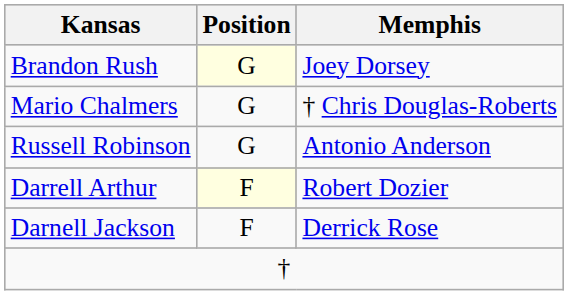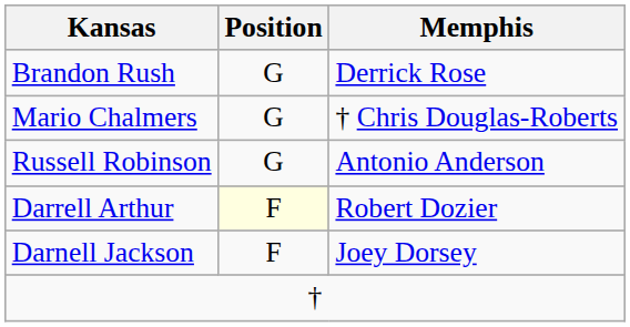 <table class="wikitable">
 <tr>
 <th>Kansas</th>
 <th>Position</th>
 <th>Memphis</th>
 </tr>
 <tr>
 <td><a href='#'>Brandon Rush</a></td>
-<td style="background: lightyellow; text-align:center">G</td>
-<td><a href='#'>Joey Dorsey</a></td>
+<td style="text-align:center">G</td>
+<td><a href='#'>Derrick Rose</a></td>
 </tr>
 <tr>
 <td><a href='#'>Mario Chalmers</a></td>
 <td style="text-align:center">G</td>
 <td>† <a href='#'>Chris Douglas-Roberts</a></td>
 </tr>
 <tr>
 <td><a href='#'>Russell Robinson</a></td>
 <td style="text-align:center">G</td>
 <td><a href='#'>Antonio Anderson</a></td>
 </tr>
 <tr>
 <td><a href='#'>Darrell Arthur</a></td>
 <td style="background: lightyellow; text-align:center">F</td>
 <td><a href='#'>Robert Dozier</a></td>
 </tr>
 <tr>
 <td><a href='#'>Darnell Jackson</a></td>
 <td style="text-align:center">F</td>
-<td><a href='#'>Derrick Rose</a></td>
+<td><a href='#'>Joey Dorsey</a></td>
 </tr>
 <tr>
 <td colspan="5" align=center>† </td>
 </tr>
 </table>
